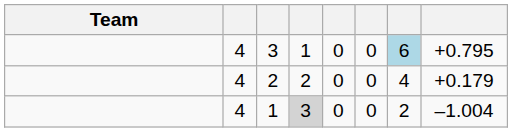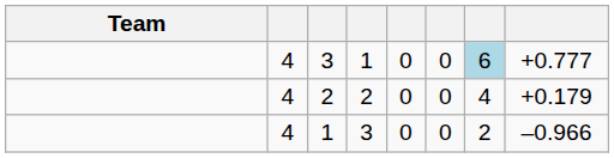 <table class="wikitable" style="text-align:center">
 <tr>
 <th style="width:175px;">Team</th>
 <th style="width:20px;"></th>
 <th style="width:20px;"></th>
 <th style="width:20px;"></th>
 <th style="width:20px;"></th>
 <th style="width:20px;"></th>
 <th style="width:20px;"></th>
 <th style="width:65px;"></th>
 </tr>
 <tr>
 <td style="text-align:left"></td>
 <td>4</td>
 <td>3</td>
 <td>1</td>
 <td>0</td>
 <td>0</td>
 <td style="background: lightblue;">6</td>
-<td>+0.795</td>
+<td>+0.777</td>
 </tr>
 <tr>
 <td style="text-align:left"></td>
 <td>4</td>
 <td>2</td>
 <td>2</td>
 <td>0</td>
 <td>0</td>
 <td>4</td>
 <td>+0.179</td>
 </tr>
 <tr>
 <td style="text-align:left"></td>
 <td>4</td>
 <td>1</td>
-<td style="background: lightgrey;">3</td>
+<td>3</td>
 <td>0</td>
 <td>0</td>
 <td>2</td>
-<td>–1.004</td>
+<td>–0.966</td>
 </tr>
 </table>
